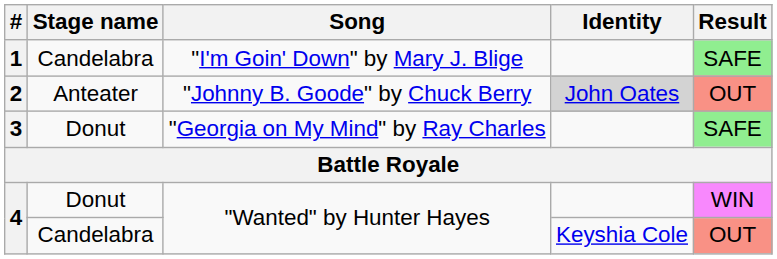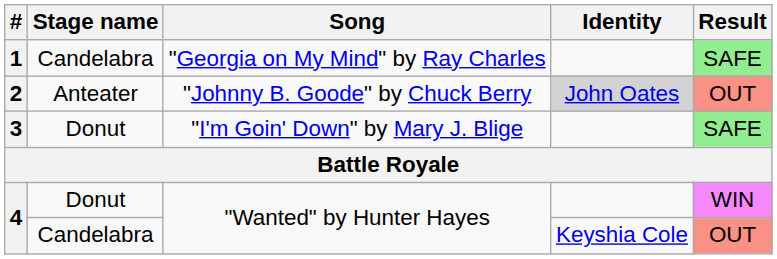 <table class="wikitable plainrowheaders" style="text-align: center;">
 <tr>
 <th>#</th>
 <th>Stage name</th>
 <th>Song</th>
 <th>Identity</th>
 <th>Result</th>
 </tr>
 <tr>
 <th>1</th>
 <td>Candelabra</td>
-<td>"<a href='#'>I'm Goin' Down</a>" by <a href='#'>Mary J. Blige</a></td>
+<td>"<a href='#'>Georgia on My Mind</a>" by <a href='#'>Ray Charles</a></td>
 <td></td>
 <td bgcolor=lightgreen>SAFE</td>
 </tr>
 <tr>
 <th>2</th>
 <td>Anteater</td>
 <td>"<a href='#'>Johnny B. Goode</a>" by <a href='#'>Chuck Berry</a></td>
 <td style="background: lightgrey;"><a href='#'>John Oates</a></td>
 <td bgcolor=#F99185>OUT</td>
 </tr>
 <tr>
 <th>3</th>
 <td>Donut</td>
-<td>"<a href='#'>Georgia on My Mind</a>" by <a href='#'>Ray Charles</a></td>
+<td>"<a href='#'>I'm Goin' Down</a>" by <a href='#'>Mary J. Blige</a></td>
 <td></td>
 <td bgcolor=lightgreen>SAFE</td>
 </tr>
 <tr>
 <th colspan=5>Battle Royale</th>
 </tr>
 <tr>
 <th rowspan=2>4</th>
 <td>Donut</td>
 <td rowspan=2>"Wanted" by Hunter Hayes</td>
 <td></td>
 <td bgcolor="#F888FD">WIN</td>
 </tr>
 <tr>
 <td>Candelabra</td>
 <td><a href='#'>Keyshia Cole</a></td>
 <td bgcolor=#F99185>OUT</td>
 </tr>
 </table>
